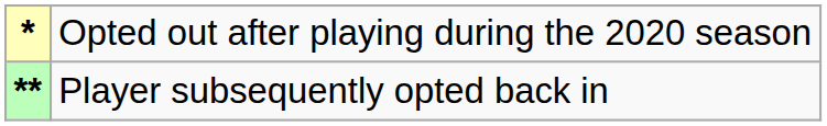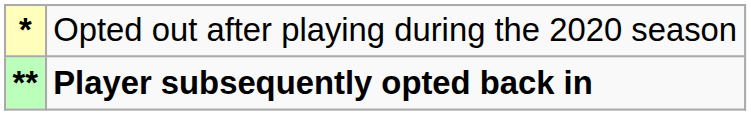 <table class=wikitable>
 <tr>
 <th scope="row" style="text-align:center; background:#ffb;">*</th>
 <td>Opted out after playing during the 2020 season</td>
 </tr>
 <tr>
 <th scope="row" style="text-align:center; background:#bfb;">**</th>
-<td>Player subsequently opted back in</td>
+<td><strong>Player subsequently opted back in</strong></td>
 </tr>
 </table>
